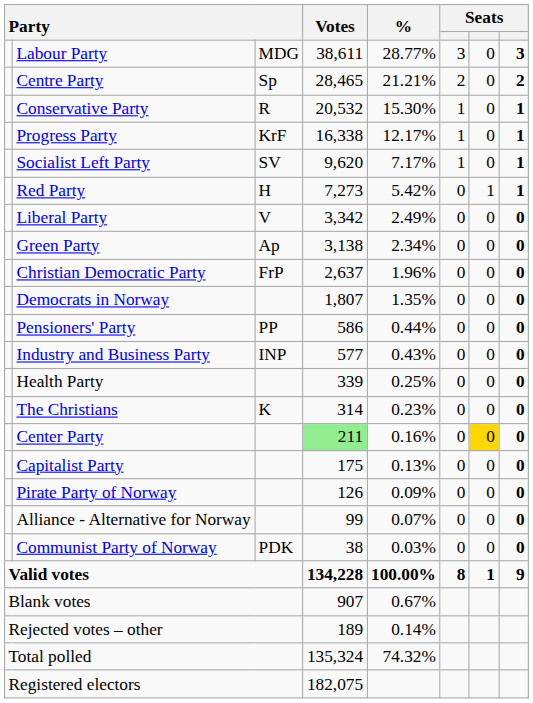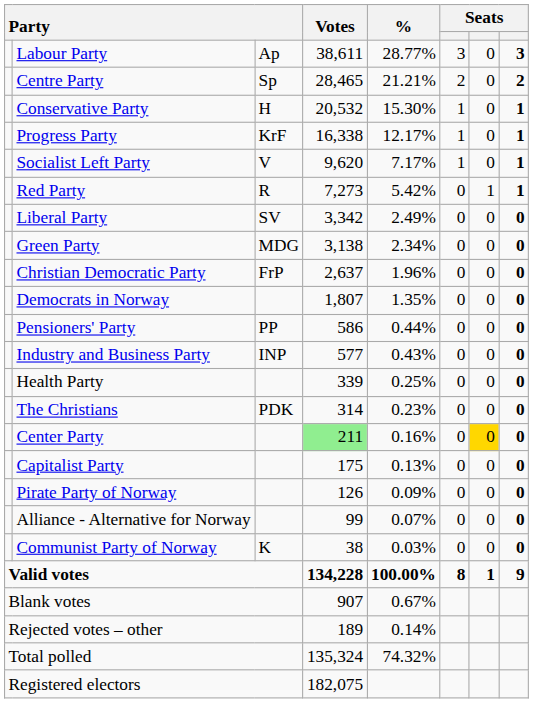 <table class="wikitable" border="1" style="text-align:right;">
 <tr>
 <th style="text-align:left;" valign=bottom rowspan=2 colspan=3>Party</th>
 <th align=center valign=bottom rowspan=2 width="50">Votes</th>
 <th align=center valign=bottom rowspan=2 width="50">%</th>
 <th colspan=3>Seats</th>
 </tr>
 <tr>
 <th align=center valign=bottom width="20"><small></small></th>
 <th align=center valign=bottom width="20"><small><a href='#'></a></small></th>
 <th align=center valign=bottom width="20"><small></small></th>
 </tr>
 <tr>
 <td style="color:inherit;background:"></td>
 <td align=left><a href='#'>Labour Party</a></td>
-<td align=left>MDG</td>
+<td align=left>Ap</td>
 <td>38,611</td>
 <td>28.77%</td>
 <td>3</td>
 <td>0</td>
 <td><strong>3</strong></td>
 </tr>
 <tr>
 <td style="color:inherit;background:"></td>
 <td align=left><a href='#'>Centre Party</a></td>
 <td align=left>Sp</td>
 <td>28,465</td>
 <td>21.21%</td>
 <td>2</td>
 <td>0</td>
 <td><strong>2</strong></td>
 </tr>
 <tr>
 <td style="color:inherit;background:"></td>
 <td align=left><a href='#'>Conservative Party</a></td>
-<td align=left>R</td>
+<td align=left>H</td>
 <td>20,532</td>
 <td>15.30%</td>
 <td>1</td>
 <td>0</td>
 <td><strong>1</strong></td>
 </tr>
 <tr>
 <td style="color:inherit;background:"></td>
 <td align=left><a href='#'>Progress Party</a></td>
 <td align=left>KrF</td>
 <td>16,338</td>
 <td>12.17%</td>
 <td>1</td>
 <td>0</td>
 <td><strong>1</strong></td>
 </tr>
 <tr>
 <td style="color:inherit;background:"></td>
 <td align=left><a href='#'>Socialist Left Party</a></td>
-<td align=left>SV</td>
+<td align=left>V</td>
 <td>9,620</td>
 <td>7.17%</td>
 <td>1</td>
 <td>0</td>
 <td><strong>1</strong></td>
 </tr>
 <tr>
 <td style="color:inherit;background:"></td>
 <td align=left><a href='#'>Red Party</a></td>
-<td align=left>H</td>
+<td align=left>R</td>
 <td>7,273</td>
 <td>5.42%</td>
 <td>0</td>
 <td>1</td>
 <td><strong>1</strong></td>
 </tr>
 <tr>
 <td style="color:inherit;background:"></td>
 <td align=left><a href='#'>Liberal Party</a></td>
-<td align=left>V</td>
+<td align=left>SV</td>
 <td>3,342</td>
 <td>2.49%</td>
 <td>0</td>
 <td>0</td>
 <td><strong>0</strong></td>
 </tr>
 <tr>
 <td style="color:inherit;background:"></td>
 <td align=left><a href='#'>Green Party</a></td>
-<td align=left>Ap</td>
+<td align=left>MDG</td>
 <td>3,138</td>
 <td>2.34%</td>
 <td>0</td>
 <td>0</td>
 <td><strong>0</strong></td>
 </tr>
 <tr>
 <td style="color:inherit;background:"></td>
 <td align=left><a href='#'>Christian Democratic Party</a></td>
 <td align=left>FrP</td>
 <td>2,637</td>
 <td>1.96%</td>
 <td>0</td>
 <td>0</td>
 <td><strong>0</strong></td>
 </tr>
 <tr>
 <td style="color:inherit;background:"></td>
 <td align=left><a href='#'>Democrats in Norway</a></td>
 <td align=left></td>
 <td>1,807</td>
 <td>1.35%</td>
 <td>0</td>
 <td>0</td>
 <td><strong>0</strong></td>
 </tr>
 <tr>
 <td style="color:inherit;background:"></td>
 <td align=left><a href='#'>Pensioners' Party</a></td>
 <td align=left>PP</td>
 <td>586</td>
 <td>0.44%</td>
 <td>0</td>
 <td>0</td>
 <td><strong>0</strong></td>
 </tr>
 <tr>
 <td style="color:inherit;background:"></td>
 <td align=left><a href='#'>Industry and Business Party</a></td>
 <td align=left>INP</td>
 <td>577</td>
 <td>0.43%</td>
 <td>0</td>
 <td>0</td>
 <td><strong>0</strong></td>
 </tr>
 <tr>
 <td></td>
 <td align=left>Health Party</td>
 <td align=left></td>
 <td>339</td>
 <td>0.25%</td>
 <td>0</td>
 <td>0</td>
 <td><strong>0</strong></td>
 </tr>
 <tr>
 <td style="color:inherit;background:"></td>
 <td align=left><a href='#'>The Christians</a></td>
-<td align=left>K</td>
+<td align=left>PDK</td>
 <td>314</td>
 <td>0.23%</td>
 <td>0</td>
 <td>0</td>
 <td><strong>0</strong></td>
 </tr>
 <tr>
 <td style="color:inherit;background:"></td>
 <td align=left><a href='#'>Center Party</a></td>
 <td align=left></td>
 <td style="background: lightgreen;">211</td>
 <td>0.16%</td>
 <td>0</td>
 <td style="background: gold;">0</td>
 <td><strong>0</strong></td>
 </tr>
 <tr>
 <td style="color:inherit;background:"></td>
 <td align=left><a href='#'>Capitalist Party</a></td>
 <td align=left></td>
 <td>175</td>
 <td>0.13%</td>
 <td>0</td>
 <td>0</td>
 <td><strong>0</strong></td>
 </tr>
 <tr>
 <td style="color:inherit;background:"></td>
 <td align=left><a href='#'>Pirate Party of Norway</a></td>
 <td align=left></td>
 <td>126</td>
 <td>0.09%</td>
 <td>0</td>
 <td>0</td>
 <td><strong>0</strong></td>
 </tr>
 <tr>
 <td></td>
 <td align=left>Alliance - Alternative for Norway</td>
 <td align=left></td>
 <td>99</td>
 <td>0.07%</td>
 <td>0</td>
 <td>0</td>
 <td><strong>0</strong></td>
 </tr>
 <tr>
 <td style="color:inherit;background:"></td>
 <td align=left><a href='#'>Communist Party of Norway</a></td>
-<td align=left>PDK</td>
+<td align=left>K</td>
 <td>38</td>
 <td>0.03%</td>
 <td>0</td>
 <td>0</td>
 <td><strong>0</strong></td>
 </tr>
 <tr style="font-weight:bold">
 <td align=left colspan=3>Valid votes</td>
 <td>134,228</td>
 <td>100.00%</td>
 <td>8</td>
 <td>1</td>
 <td>9</td>
 </tr>
 <tr>
 <td align=left colspan=3>Blank votes</td>
 <td>907</td>
 <td>0.67%</td>
 <td></td>
 <td></td>
 <td></td>
 </tr>
 <tr>
 <td align=left colspan=3>Rejected votes – other</td>
 <td>189</td>
 <td>0.14%</td>
 <td></td>
 <td></td>
 <td></td>
 </tr>
 <tr>
 <td align=left colspan=3>Total polled</td>
 <td>135,324</td>
 <td>74.32%</td>
 <td></td>
 <td></td>
 <td></td>
 </tr>
 <tr>
 <td align=left colspan=3>Registered electors</td>
 <td>182,075</td>
 <td></td>
 <td></td>
 <td></td>
 <td></td>
 </tr>
 </table>
